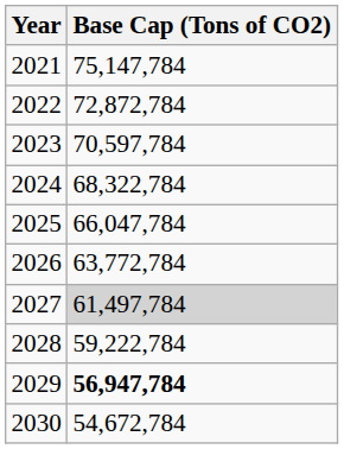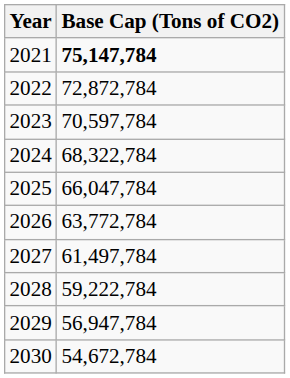 <table class="wikitable">
 <tr>
 <th>Year</th>
 <th>Base Cap (Tons of CO2)</th>
 </tr>
 <tr>
 <td>2021</td>
-<td>75,147,784</td>
+<td><strong>75,147,784</strong></td>
 </tr>
 <tr>
 <td>2022</td>
 <td>72,872,784</td>
 </tr>
 <tr>
 <td>2023</td>
 <td>70,597,784</td>
 </tr>
 <tr>
 <td>2024</td>
 <td>68,322,784</td>
 </tr>
 <tr>
 <td>2025</td>
 <td>66,047,784</td>
 </tr>
 <tr>
 <td>2026</td>
 <td>63,772,784</td>
 </tr>
 <tr>
 <td>2027</td>
-<td style="background: lightgrey;">61,497,784</td>
+<td>61,497,784</td>
 </tr>
 <tr>
 <td>2028</td>
 <td>59,222,784</td>
 </tr>
 <tr>
 <td>2029</td>
-<td><strong>56,947,784</strong></td>
+<td>56,947,784</td>
 </tr>
 <tr>
 <td>2030</td>
 <td>54,672,784</td>
 </tr>
 </table>
